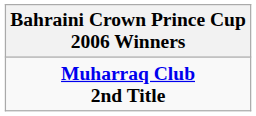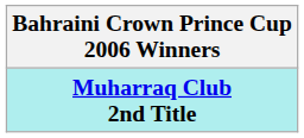 <table class="wikitable" style="text-align: center; margin: 0 auto;">
 <tr>
 <th>Bahraini Crown Prince Cup <br>2006 Winners</th>
 </tr>
 <tr>
-<td><strong><a href='#'>Muharraq Club</a></strong><br><strong>2nd Title</strong></td>
+<td style="background: paleturquoise;"><strong><a href='#'>Muharraq Club</a></strong><br><strong>2nd Title</strong></td>
 </tr>
 </table>
